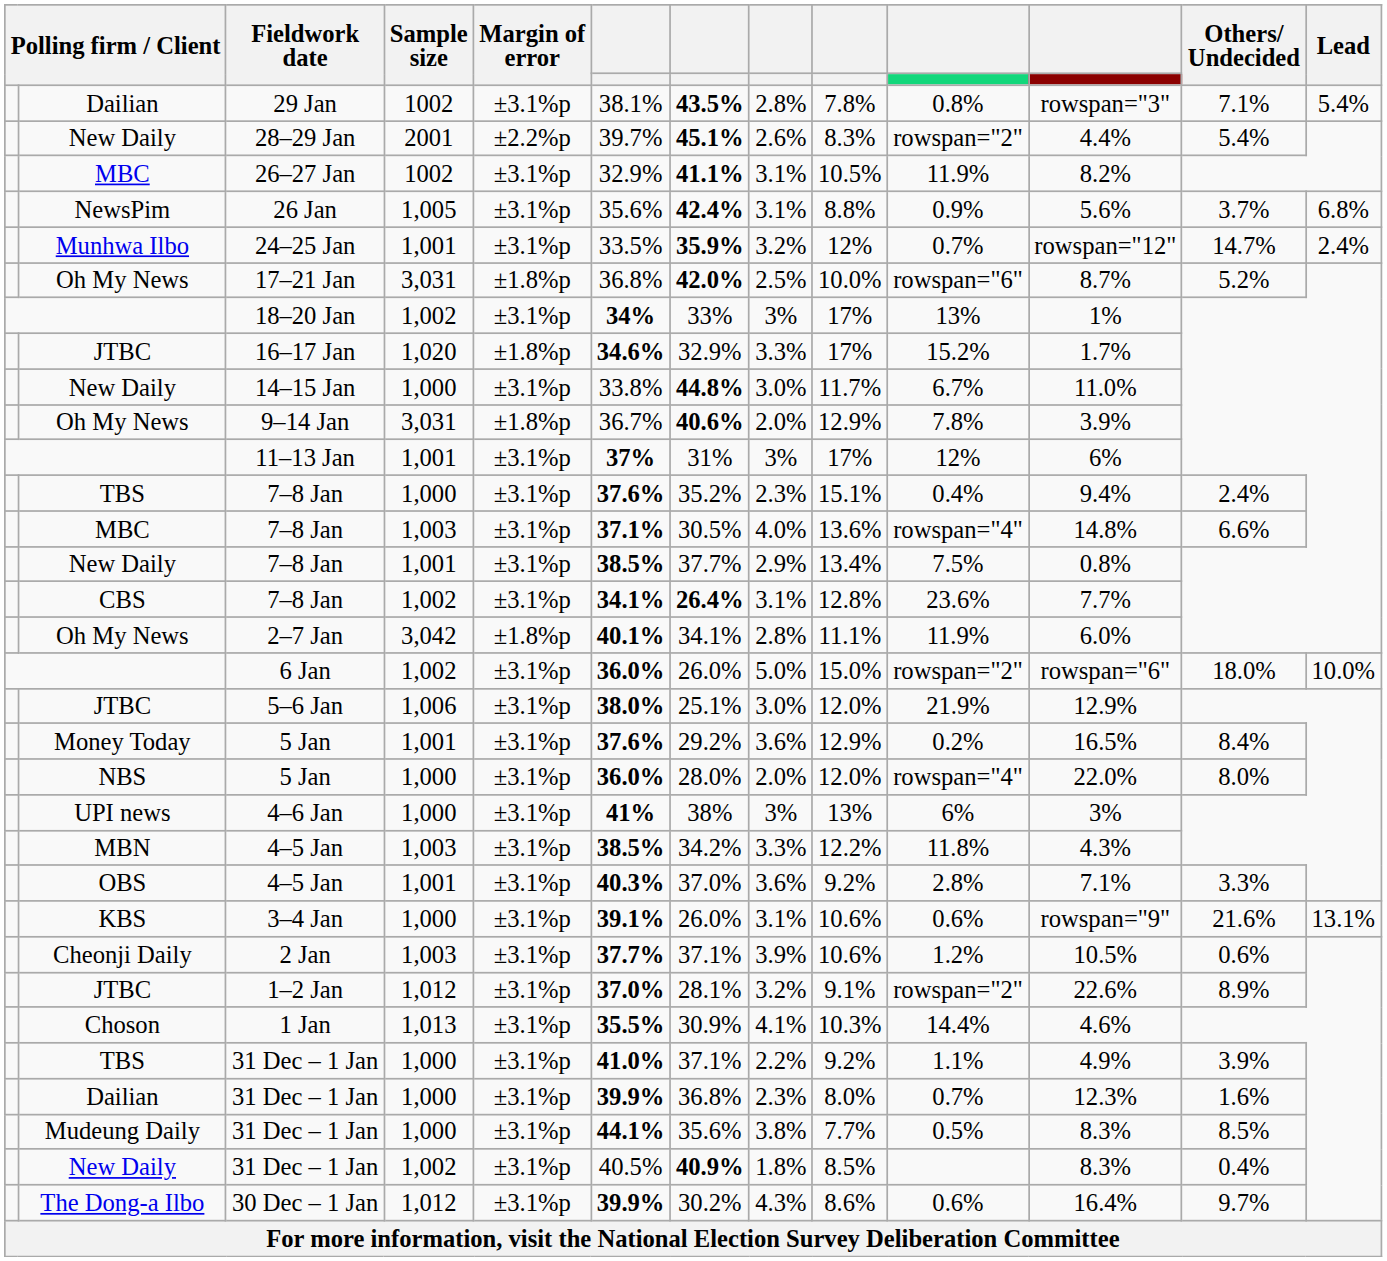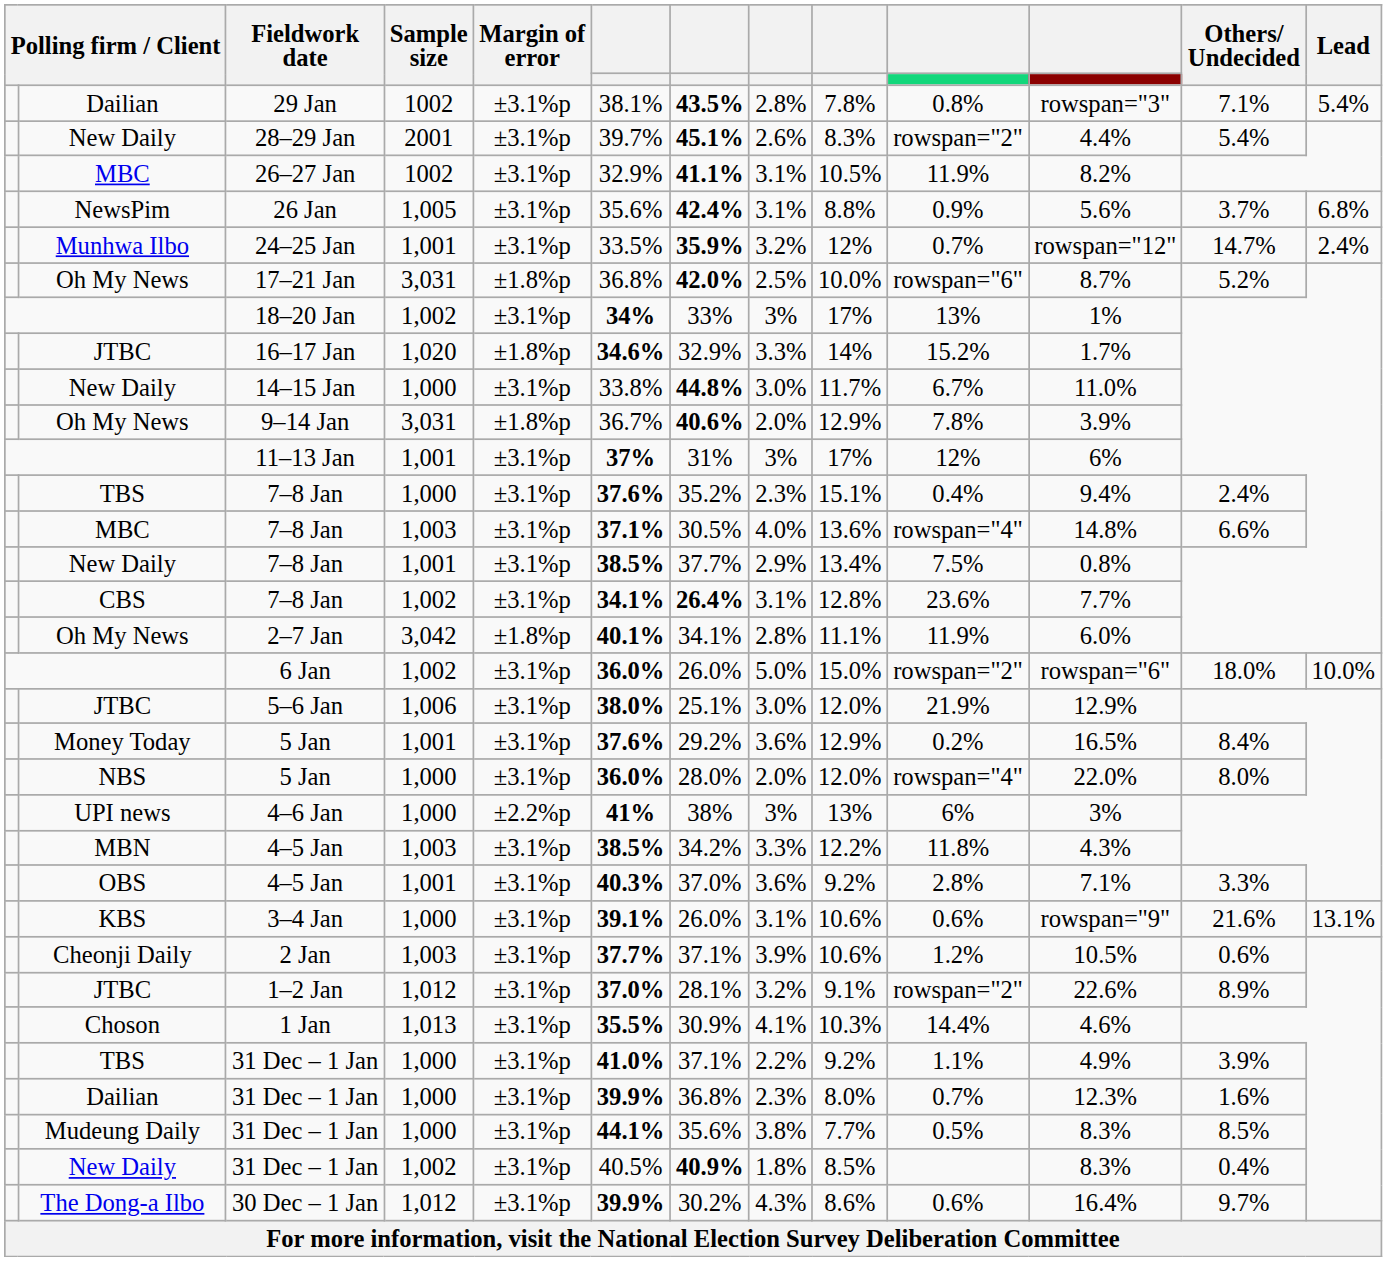 <table class="wikitable sortable mw-collapsible" style="text-align:center;font-size:90%;line-height:14px;">
 <tr style="height:40px;">
 <th rowspan="2" colspan="2" class="unsortable">Polling firm / Client</th>
 <th rowspan="2" class="unsortable">Fieldwork <br> date</th>
 <th rowspan="2" class="unsortable">Sample <br> size</th>
 <th rowspan="2" class="unsortable">Margin of <br> error</th>
 <th></th>
 <th></th>
 <th></th>
 <th></th>
 <th></th>
 <th></th>
 <th rowspan="2">Others/<br>Undecided</th>
 <th rowspan="2">Lead</th>
 </tr>
 <tr>
 <th class="unsortable" style="background-color: "></th>
 <th class="unsortable" style="background-color: "></th>
 <th class="unsortable" style="background-color: "></th>
 <th class="unsortable" style="background-color: "></th>
 <th class="unsortable" style="background-color: #12D77B"></th>
 <th class="unsortable" style="background-color: #8B0000"></th>
 </tr>
 <tr>
 <td></td>
 <td>Dailian</td>
 <td>29 Jan</td>
 <td>1002</td>
 <td>±3.1%p</td>
 <td>38.1%</td>
 <td><strong>43.5%</strong></td>
 <td>2.8%</td>
 <td>7.8%</td>
 <td>0.8%</td>
 <td>rowspan="3"</td>
 <td>7.1%</td>
 <td style="background:">5.4%</td>
 </tr>
 <tr>
 <td></td>
 <td>New Daily</td>
 <td>28–29 Jan</td>
 <td>2001</td>
-<td>±2.2%p</td>
+<td>±3.1%p</td>
 <td>39.7%</td>
 <td><strong>45.1%</strong></td>
 <td>2.6%</td>
 <td>8.3%</td>
 <td>rowspan="2"</td>
 <td>4.4%</td>
 <td style="background:">5.4%</td>
 </tr>
 <tr>
 <td></td>
 <td><a href='#'>MBC</a></td>
 <td>26–27 Jan</td>
 <td>1002</td>
 <td>±3.1%p</td>
 <td>32.9%</td>
 <td><strong>41.1%</strong></td>
 <td>3.1%</td>
 <td>10.5%</td>
 <td>11.9%</td>
 <td style="background:">8.2%</td>
 </tr>
 <tr>
 <td></td>
 <td>NewsPim</td>
 <td>26 Jan</td>
 <td>1,005</td>
 <td>±3.1%p</td>
 <td>35.6%</td>
 <td><strong>42.4%</strong></td>
 <td>3.1%</td>
 <td>8.8%</td>
 <td>0.9%</td>
 <td>5.6%</td>
 <td>3.7%</td>
 <td style="background:">6.8%</td>
 </tr>
 <tr>
 <td></td>
 <td><a href='#'>Munhwa Ilbo</a></td>
 <td>24–25 Jan</td>
 <td>1,001</td>
 <td>±3.1%p</td>
 <td>33.5%</td>
 <td><strong>35.9%</strong></td>
 <td>3.2%</td>
 <td>12%</td>
 <td>0.7%</td>
 <td>rowspan="12" </td>
 <td>14.7%</td>
 <td style="background:">2.4%</td>
 </tr>
 <tr>
 <td></td>
 <td>Oh My News</td>
 <td>17–21 Jan</td>
 <td>3,031</td>
 <td>±1.8%p</td>
 <td>36.8%</td>
 <td><strong>42.0%</strong></td>
 <td>2.5%</td>
 <td>10.0%</td>
 <td>rowspan="6" </td>
 <td>8.7%</td>
 <td style="background:">5.2%</td>
 </tr>
 <tr>
 <td colspan="2"></td>
 <td>18–20 Jan</td>
 <td>1,002</td>
 <td>±3.1%p</td>
 <td><strong>34%</strong></td>
 <td>33%</td>
 <td>3%</td>
 <td>17%</td>
 <td>13%</td>
 <td style="background:">1%</td>
 </tr>
 <tr>
 <td></td>
 <td>JTBC</td>
 <td>16–17 Jan</td>
 <td>1,020</td>
 <td>±1.8%p</td>
 <td><strong>34.6%</strong></td>
 <td>32.9%</td>
 <td>3.3%</td>
-<td>17%</td>
+<td>14%</td>
 <td>15.2%</td>
 <td style="background:">1.7%</td>
 </tr>
 <tr>
 <td></td>
 <td>New Daily</td>
 <td>14–15 Jan</td>
 <td>1,000</td>
 <td>±3.1%p</td>
 <td>33.8%</td>
 <td><strong>44.8%</strong></td>
 <td>3.0%</td>
 <td>11.7%</td>
 <td>6.7%</td>
 <td style="background:">11.0%</td>
 </tr>
 <tr>
 <td></td>
 <td>Oh My News</td>
 <td>9–14 Jan</td>
 <td>3,031</td>
 <td>±1.8%p</td>
 <td>36.7%</td>
 <td><strong>40.6%</strong></td>
 <td>2.0%</td>
 <td>12.9%</td>
 <td>7.8%</td>
 <td style="background:">3.9%</td>
 </tr>
 <tr>
 <td colspan="2"></td>
 <td>11–13 Jan</td>
 <td>1,001</td>
 <td>±3.1%p</td>
 <td><strong>37%</strong></td>
 <td>31%</td>
 <td>3%</td>
 <td>17%</td>
 <td>12%</td>
 <td style="background:">6%</td>
 </tr>
 <tr>
 <td></td>
 <td>TBS</td>
 <td>7–8 Jan</td>
 <td>1,000</td>
 <td>±3.1%p</td>
 <td><strong>37.6%</strong></td>
 <td>35.2%</td>
 <td>2.3%</td>
 <td>15.1%</td>
 <td>0.4%</td>
 <td>9.4%</td>
 <td style="background:">2.4%</td>
 </tr>
 <tr>
 <td></td>
 <td>MBC</td>
 <td>7–8 Jan</td>
 <td>1,003</td>
 <td>±3.1%p</td>
 <td><strong>37.1%</strong></td>
 <td>30.5%</td>
 <td>4.0%</td>
 <td>13.6%</td>
 <td>rowspan="4" </td>
 <td>14.8%</td>
 <td style="background:">6.6%</td>
 </tr>
 <tr>
 <td></td>
 <td>New Daily</td>
 <td>7–8 Jan</td>
 <td>1,001</td>
 <td>±3.1%p</td>
 <td><strong>38.5%</strong></td>
 <td>37.7%</td>
 <td>2.9%</td>
 <td>13.4%</td>
 <td>7.5%</td>
 <td style="background:">0.8%</td>
 </tr>
 <tr>
 <td></td>
 <td>CBS</td>
 <td>7–8 Jan</td>
 <td>1,002</td>
 <td>±3.1%p</td>
 <td><strong>34.1%</strong></td>
 <td><strong>26.4%</strong></td>
 <td>3.1%</td>
 <td>12.8%</td>
 <td>23.6%</td>
 <td style="background:">7.7%</td>
 </tr>
 <tr>
 <td></td>
 <td>Oh My News</td>
 <td>2–7 Jan</td>
 <td>3,042</td>
 <td>±1.8%p</td>
 <td><strong>40.1%</strong></td>
 <td>34.1%</td>
 <td>2.8%</td>
 <td>11.1%</td>
 <td>11.9%</td>
 <td style="background:">6.0%</td>
 </tr>
 <tr>
 <td colspan="2"></td>
 <td>6 Jan</td>
 <td>1,002</td>
 <td>±3.1%p</td>
 <td><strong>36.0%</strong></td>
 <td>26.0%</td>
 <td>5.0%</td>
 <td>15.0%</td>
 <td>rowspan="2" </td>
 <td>rowspan="6" </td>
 <td>18.0%</td>
 <td style="background:">10.0%</td>
 </tr>
 <tr>
 <td></td>
 <td>JTBC</td>
 <td>5–6 Jan</td>
 <td>1,006</td>
 <td>±3.1%p</td>
 <td><strong>38.0%</strong></td>
 <td>25.1%</td>
 <td>3.0%</td>
 <td>12.0%</td>
 <td>21.9%</td>
 <td style="background:">12.9%</td>
 </tr>
 <tr>
 <td></td>
 <td>Money Today</td>
 <td>5 Jan</td>
 <td>1,001</td>
 <td>±3.1%p</td>
 <td><strong>37.6%</strong></td>
 <td>29.2%</td>
 <td>3.6%</td>
 <td>12.9%</td>
 <td>0.2%</td>
 <td>16.5%</td>
 <td style="background:">8.4%</td>
 </tr>
 <tr>
 <td></td>
 <td>NBS</td>
 <td>5 Jan</td>
 <td>1,000</td>
 <td>±3.1%p</td>
 <td><strong>36.0%</strong></td>
 <td>28.0%</td>
 <td>2.0%</td>
 <td>12.0%</td>
 <td>rowspan="4" </td>
 <td>22.0%</td>
 <td style="background:">8.0%</td>
 </tr>
 <tr>
 <td></td>
 <td>UPI news</td>
 <td>4–6 Jan</td>
 <td>1,000</td>
-<td>±3.1%p</td>
+<td>±2.2%p</td>
 <td><strong>41%</strong></td>
 <td>38%</td>
 <td>3%</td>
 <td>13%</td>
 <td>6%</td>
 <td style="background:">3%</td>
 </tr>
 <tr>
 <td></td>
 <td>MBN</td>
 <td>4–5 Jan</td>
 <td>1,003</td>
 <td>±3.1%p</td>
 <td><strong>38.5%</strong></td>
 <td>34.2%</td>
 <td>3.3%</td>
 <td>12.2%</td>
 <td>11.8%</td>
 <td style="background:">4.3%</td>
 </tr>
 <tr>
 <td></td>
 <td>OBS</td>
 <td>4–5 Jan</td>
 <td>1,001</td>
 <td>±3.1%p</td>
 <td><strong>40.3%</strong></td>
 <td>37.0%</td>
 <td>3.6%</td>
 <td>9.2%</td>
 <td>2.8%</td>
 <td>7.1%</td>
 <td style="background:">3.3%</td>
 </tr>
 <tr>
 <td></td>
 <td>KBS</td>
 <td>3–4 Jan</td>
 <td>1,000</td>
 <td>±3.1%p</td>
 <td><strong>39.1%</strong></td>
 <td>26.0%</td>
 <td>3.1%</td>
 <td>10.6%</td>
 <td>0.6%</td>
 <td>rowspan="9" </td>
 <td>21.6%</td>
 <td style="background:">13.1%</td>
 </tr>
 <tr>
 <td></td>
 <td>Cheonji Daily</td>
 <td>2 Jan</td>
 <td>1,003</td>
 <td>±3.1%p</td>
 <td><strong>37.7%</strong></td>
 <td>37.1%</td>
 <td>3.9%</td>
 <td>10.6%</td>
 <td>1.2%</td>
 <td>10.5%</td>
 <td style="background:">0.6%</td>
 </tr>
 <tr>
 <td></td>
 <td>JTBC</td>
 <td>1–2 Jan</td>
 <td>1,012</td>
 <td>±3.1%p</td>
 <td><strong>37.0%</strong></td>
 <td>28.1%</td>
 <td>3.2%</td>
 <td>9.1%</td>
 <td>rowspan="2" </td>
 <td>22.6%</td>
 <td style="background:">8.9%</td>
 </tr>
 <tr>
 <td></td>
 <td>Choson</td>
 <td>1 Jan</td>
 <td>1,013</td>
 <td>±3.1%p</td>
 <td><strong>35.5%</strong></td>
 <td>30.9%</td>
 <td>4.1%</td>
 <td>10.3%</td>
 <td>14.4%</td>
 <td style="background:">4.6%</td>
 </tr>
 <tr>
 <td></td>
 <td>TBS</td>
 <td>31 Dec – 1 Jan</td>
 <td>1,000</td>
 <td>±3.1%p</td>
 <td><strong>41.0%</strong></td>
 <td>37.1%</td>
 <td>2.2%</td>
 <td>9.2%</td>
 <td>1.1%</td>
 <td>4.9%</td>
 <td style="background:">3.9%</td>
 </tr>
 <tr>
 <td></td>
 <td>Dailian</td>
 <td>31 Dec – 1 Jan</td>
 <td>1,000</td>
 <td>±3.1%p</td>
 <td><strong>39.9%</strong></td>
 <td>36.8%</td>
 <td>2.3%</td>
 <td>8.0%</td>
 <td>0.7%</td>
 <td>12.3%</td>
 <td style="background:">1.6%</td>
 </tr>
 <tr>
 <td></td>
 <td>Mudeung Daily</td>
 <td>31 Dec – 1 Jan</td>
 <td>1,000</td>
 <td>±3.1%p</td>
 <td><strong>44.1%</strong></td>
 <td>35.6%</td>
 <td>3.8%</td>
 <td>7.7%</td>
 <td>0.5%</td>
 <td>8.3%</td>
 <td style="background:">8.5%</td>
 </tr>
 <tr>
 <td></td>
 <td><a href='#'>New Daily</a></td>
 <td>31 Dec – 1 Jan</td>
 <td>1,002</td>
 <td>±3.1%p</td>
 <td>40.5%</td>
 <td><strong>40.9%</strong></td>
 <td>1.8%</td>
 <td>8.5%</td>
 <td></td>
 <td>8.3%</td>
 <td style="background:">0.4%</td>
 </tr>
 <tr>
 <td></td>
 <td><a href='#'>The Dong-a Ilbo</a></td>
 <td>30 Dec – 1 Jan</td>
 <td>1,012</td>
 <td>±3.1%p</td>
 <td><strong>39.9%</strong></td>
 <td>30.2%</td>
 <td>4.3%</td>
 <td>8.6%</td>
 <td>0.6%</td>
 <td>16.4%</td>
 <td style="background:">9.7%</td>
 </tr>
 <tr>
 <th colspan="13">For more information, visit the National Election Survey Deliberation Committee</th>
 </tr>
 </table>
